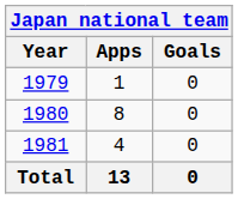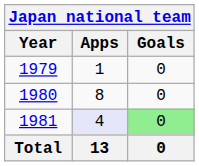 <table class="wikitable" style="text-align:center">
 <tr>
 <th colspan=3><a href='#'>Japan national team</a></th>
 </tr>
 <tr>
 <th>Year</th>
 <th>Apps</th>
 <th>Goals</th>
 </tr>
 <tr>
 <td><a href='#'>1979</a></td>
 <td>1</td>
 <td>0</td>
 </tr>
 <tr>
 <td><a href='#'>1980</a></td>
 <td>8</td>
 <td>0</td>
 </tr>
 <tr>
 <td><a href='#'>1981</a></td>
-<td>4</td>
-<td>0</td>
+<td style="background: lavender;">4</td>
+<td style="background: lightgreen;">0</td>
 </tr>
 <tr>
 <th>Total</th>
 <th>13</th>
 <th>0</th>
 </tr>
 </table>
